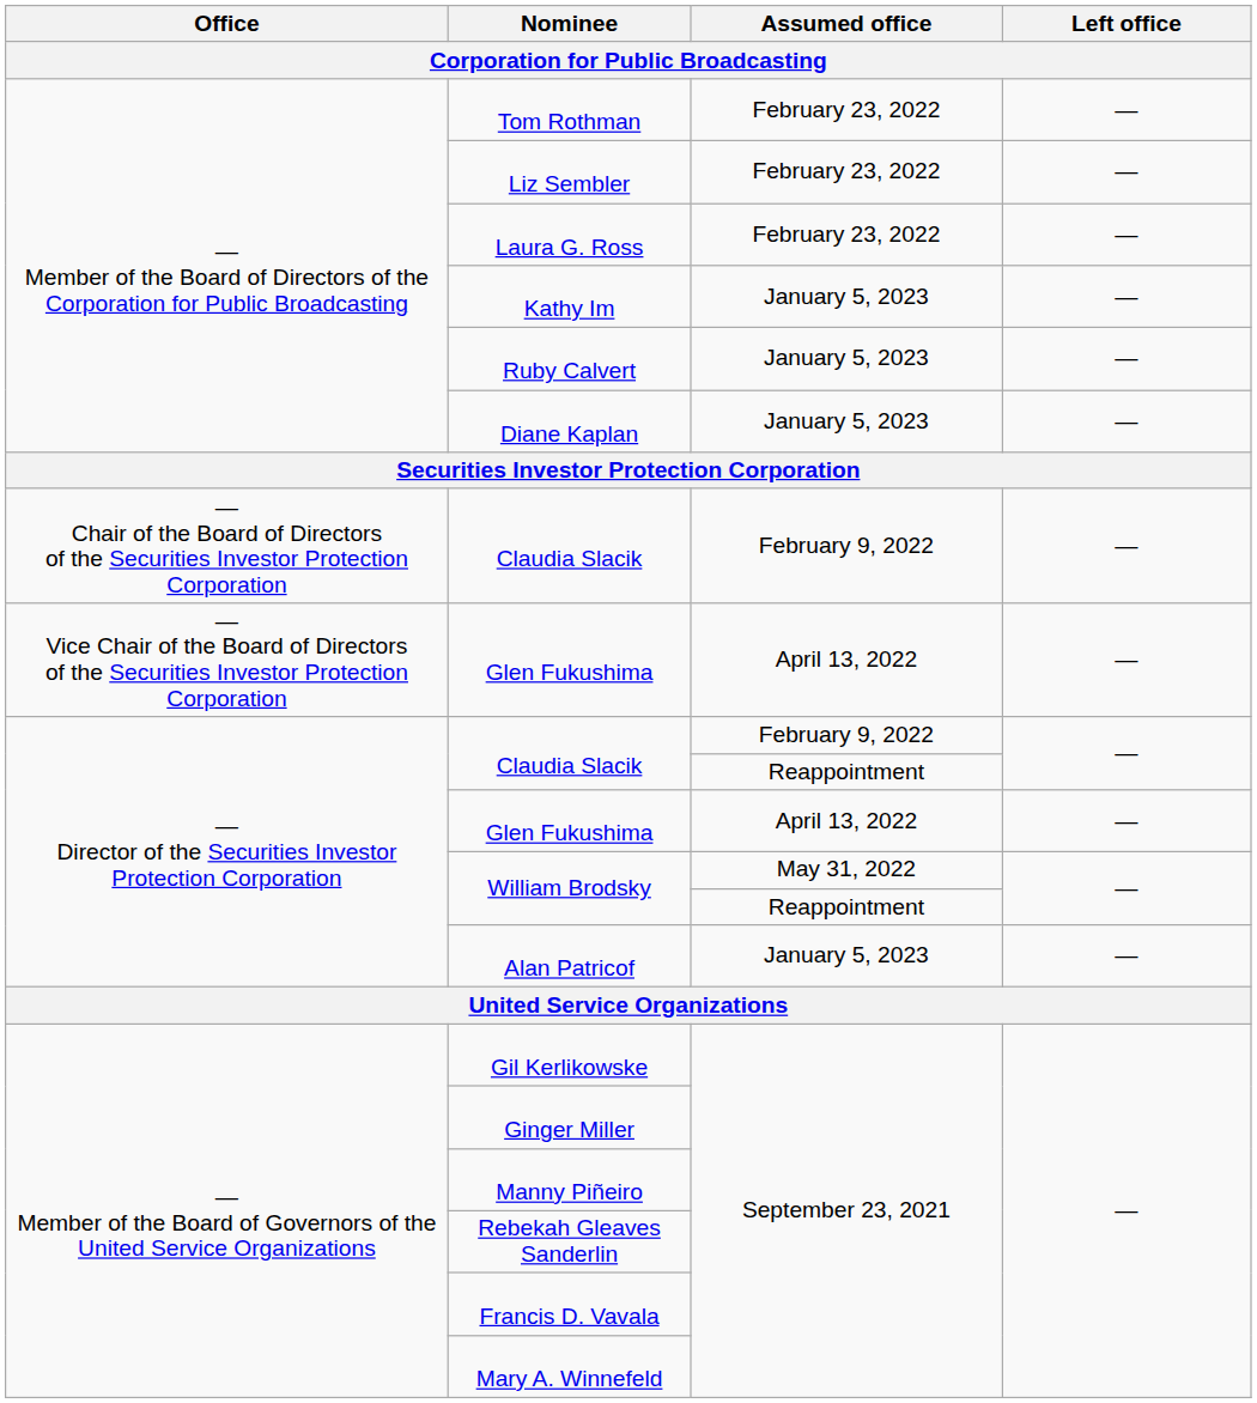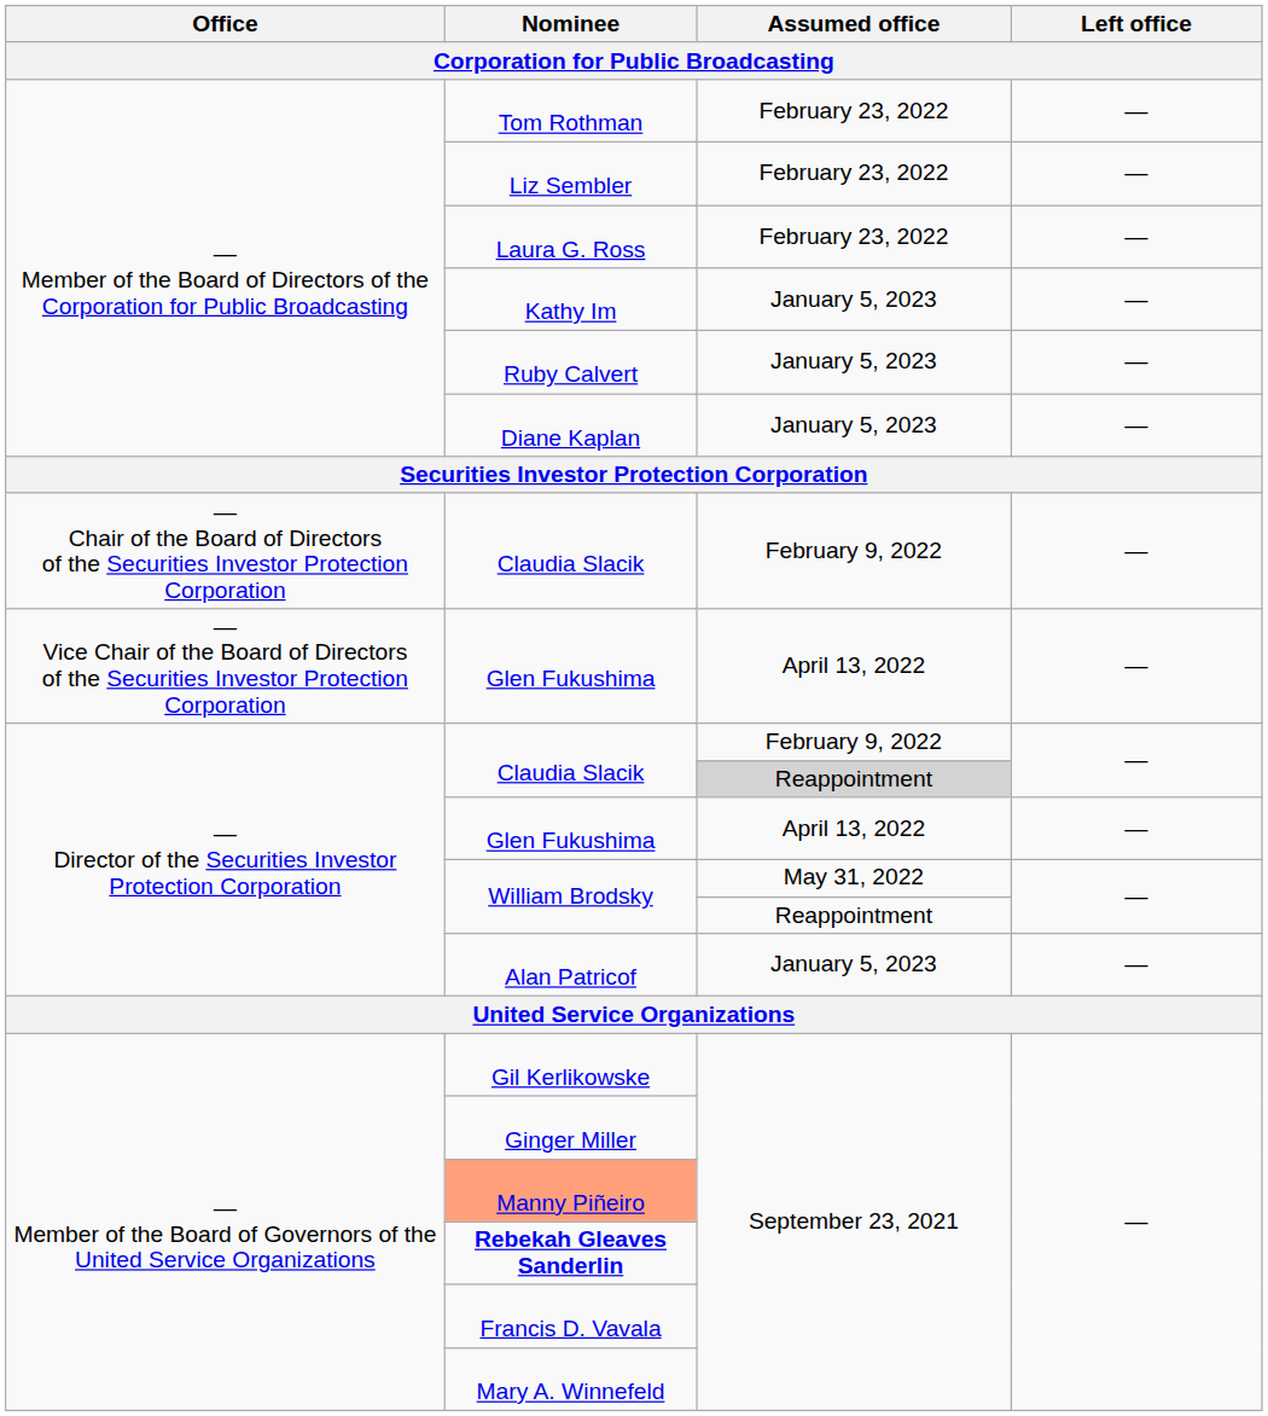 <table class="wikitable sortable" style="text-align:center">
 <tr>
 <th>Office</th>
 <th>Nominee</th>
 <th style="width:25%;" data-sort-type="date">Assumed office</th>
 <th style="width:20%;" data-sort-type="date">Left office</th>
 </tr>
 <tr>
 <th colspan=4><a href='#'>Corporation for Public Broadcasting</a></th>
 </tr>
 <tr>
 <td rowspan=6><br>—<br>Member of the Board of Directors of the<br><a href='#'>Corporation for Public Broadcasting</a></td>
 <td><br><a href='#'>Tom Rothman</a></td>
 <td>February 23, 2022<br></td>
 <td>—</td>
 </tr>
 <tr>
 <td><br><a href='#'>Liz Sembler</a><br></td>
 <td>February 23, 2022<br></td>
 <td>—</td>
 </tr>
 <tr>
 <td><br><a href='#'>Laura G. Ross</a><br></td>
 <td>February 23, 2022<br></td>
 <td>—</td>
 </tr>
 <tr>
 <td><br><a href='#'>Kathy Im</a></td>
 <td>January 5, 2023<br></td>
 <td>—</td>
 </tr>
 <tr>
 <td><br><a href='#'>Ruby Calvert</a><br></td>
 <td>January 5, 2023<br></td>
 <td>—</td>
 </tr>
 <tr>
 <td><br><a href='#'>Diane Kaplan</a></td>
 <td>January 5, 2023<br></td>
 <td>—</td>
 </tr>
 <tr>
 <th colspan=4><a href='#'>Securities Investor Protection Corporation</a></th>
 </tr>
 <tr>
 <td>—<br>Chair of the Board of Directors<br>of the <a href='#'>Securities Investor Protection Corporation</a></td>
 <td><br><a href='#'>Claudia Slacik</a></td>
 <td>February 9, 2022</td>
 <td>—</td>
 </tr>
 <tr>
 <td>—<br>Vice Chair of the Board of Directors<br>of the <a href='#'>Securities Investor Protection Corporation</a></td>
 <td><br><a href='#'>Glen Fukushima</a></td>
 <td>April 13, 2022</td>
 <td>—</td>
 </tr>
 <tr>
 <td rowspan=6>—<br>Director of the <a href='#'>Securities Investor Protection Corporation</a></td>
 <td rowspan=2><br><a href='#'>Claudia Slacik</a></td>
 <td>February 9, 2022<br></td>
 <td rowspan=2>—</td>
 </tr>
 <tr>
-<td>Reappointment<br></td>
+<td style="background: lightgrey;">Reappointment<br></td>
 </tr>
 <tr>
 <td><br><a href='#'>Glen Fukushima</a></td>
 <td>April 13, 2022<br></td>
 <td>—</td>
 </tr>
 <tr>
 <td rowspan=2><a href='#'>William Brodsky</a></td>
 <td>May 31, 2022<br></td>
 <td rowspan=2>—</td>
 </tr>
 <tr>
 <td>Reappointment<br></td>
 </tr>
 <tr>
 <td><br><a href='#'>Alan Patricof</a></td>
 <td>January 5, 2023<br></td>
 <td>—</td>
 </tr>
 <tr>
 <th colspan=4><a href='#'>United Service Organizations</a></th>
 </tr>
 <tr>
 <td rowspan=6><br>—<br>Member of the Board of Governors of the <br><a href='#'>United Service Organizations</a></td>
 <td><br><a href='#'>Gil Kerlikowske</a></td>
 <td rowspan=6>September 23, 2021</td>
 <td rowspan=6>—</td>
 </tr>
 <tr>
 <td><br><a href='#'>Ginger Miller</a></td>
 </tr>
 <tr>
-<td><br><a href='#'>Manny Piñeiro</a></td>
+<td style="background: lightsalmon;"><br><a href='#'>Manny Piñeiro</a></td>
 </tr>
 <tr>
-<td><a href='#'>Rebekah Gleaves Sanderlin</a></td>
+<td><strong><a href='#'>Rebekah Gleaves Sanderlin</a></strong></td>
 </tr>
 <tr>
 <td><br><a href='#'>Francis D. Vavala</a></td>
 </tr>
 <tr>
 <td><br><a href='#'>Mary A. Winnefeld</a></td>
 </tr>
 </table>
